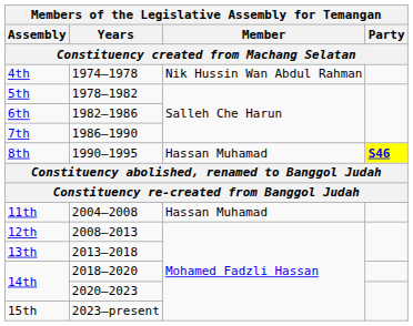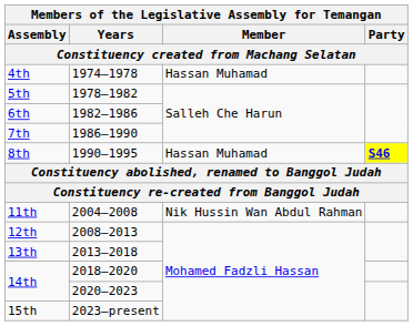 <table class=wikitable>
 <tr>
 <th colspan=4>Members of the Legislative Assembly for Temangan</th>
 </tr>
 <tr>
 <th>Assembly</th>
 <th>Years</th>
 <th>Member</th>
 <th>Party</th>
 </tr>
 <tr>
 <th colspan=4 align=center><em>Constituency created from Machang Selatan</em></th>
 </tr>
 <tr>
 <td><a href='#'>4th</a></td>
 <td>1974–1978</td>
-<td>Nik Hussin Wan Abdul Rahman</td>
+<td>Hassan Muhamad</td>
 <td></td>
 </tr>
 <tr>
 <td><a href='#'>5th</a></td>
 <td>1978–1982</td>
 <td rowspan=3>Salleh Che Harun</td>
 <td rowspan="3"></td>
 </tr>
 <tr>
 <td><a href='#'>6th</a></td>
 <td>1982–1986</td>
 </tr>
 <tr>
 <td><a href='#'>7th</a></td>
 <td>1986–1990</td>
 </tr>
 <tr>
 <td><a href='#'>8th</a></td>
 <td>1990–1995</td>
 <td>Hassan Muhamad</td>
 <td bgcolor="yellow"><strong><a href='#'>S46</a></strong></td>
 </tr>
 <tr>
 <th colspan=4 align=center><em>Constituency abolished, renamed to Banggol Judah</em></th>
 </tr>
 <tr>
 <th colspan=4 align=center><em>Constituency re-created from Banggol Judah</em></th>
 </tr>
 <tr>
 <td><a href='#'>11th</a></td>
 <td>2004–2008</td>
-<td>Hassan Muhamad</td>
+<td>Nik Hussin Wan Abdul Rahman</td>
 <td></td>
 </tr>
 <tr>
 <td><a href='#'>12th</a></td>
 <td>2008–2013</td>
 <td rowspan="5"><a href='#'>Mohamed Fadzli Hassan</a></td>
 <td rowspan=2></td>
 </tr>
 <tr>
 <td><a href='#'>13th</a></td>
 <td>2013–2018</td>
 </tr>
 <tr>
 <td rowspan="2"><a href='#'>14th</a></td>
 <td>2018–2020</td>
 <td></td>
 </tr>
 <tr>
 <td>2020–2023</td>
 <td rowspan="2"></td>
 </tr>
 <tr>
 <td>15th</td>
 <td>2023–present</td>
 </tr>
 </table>
